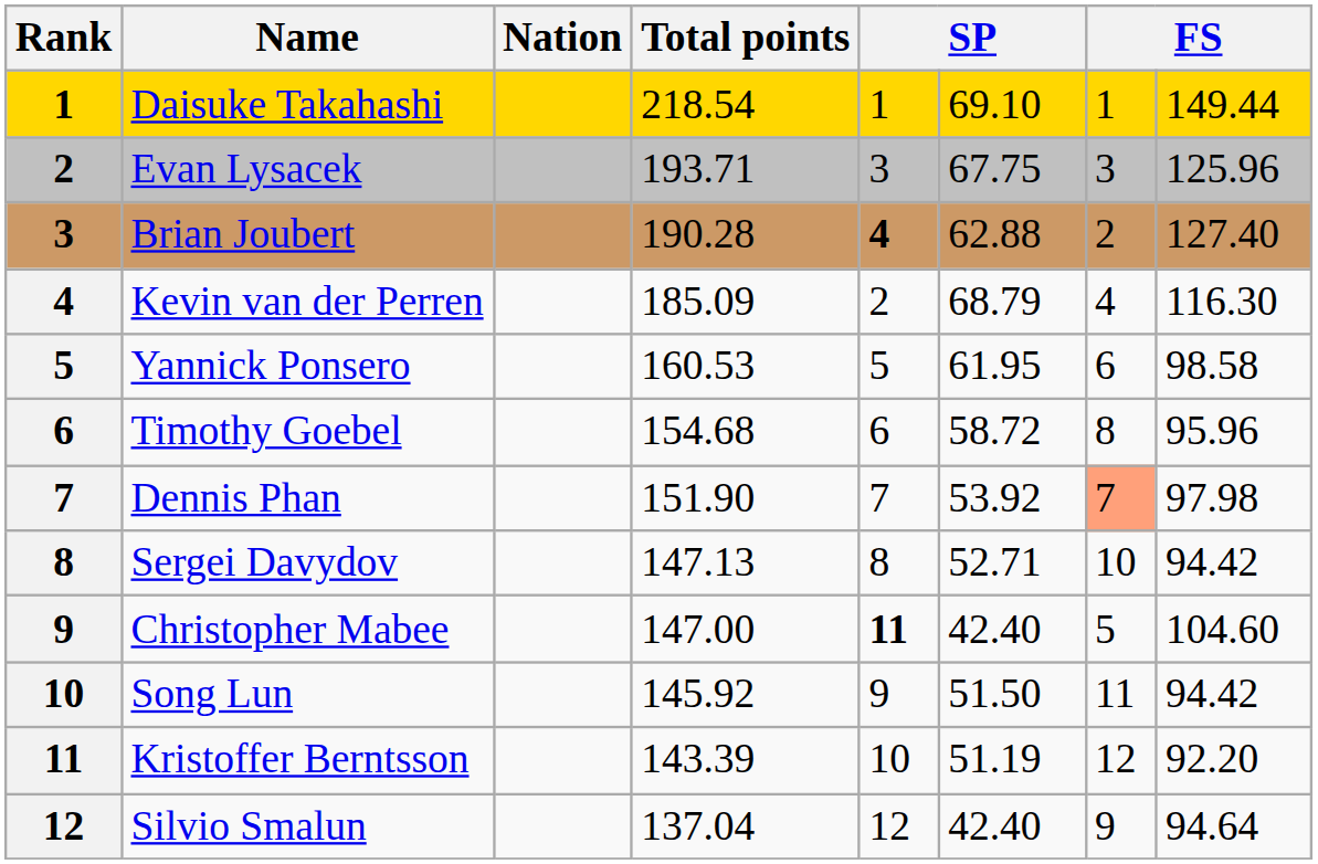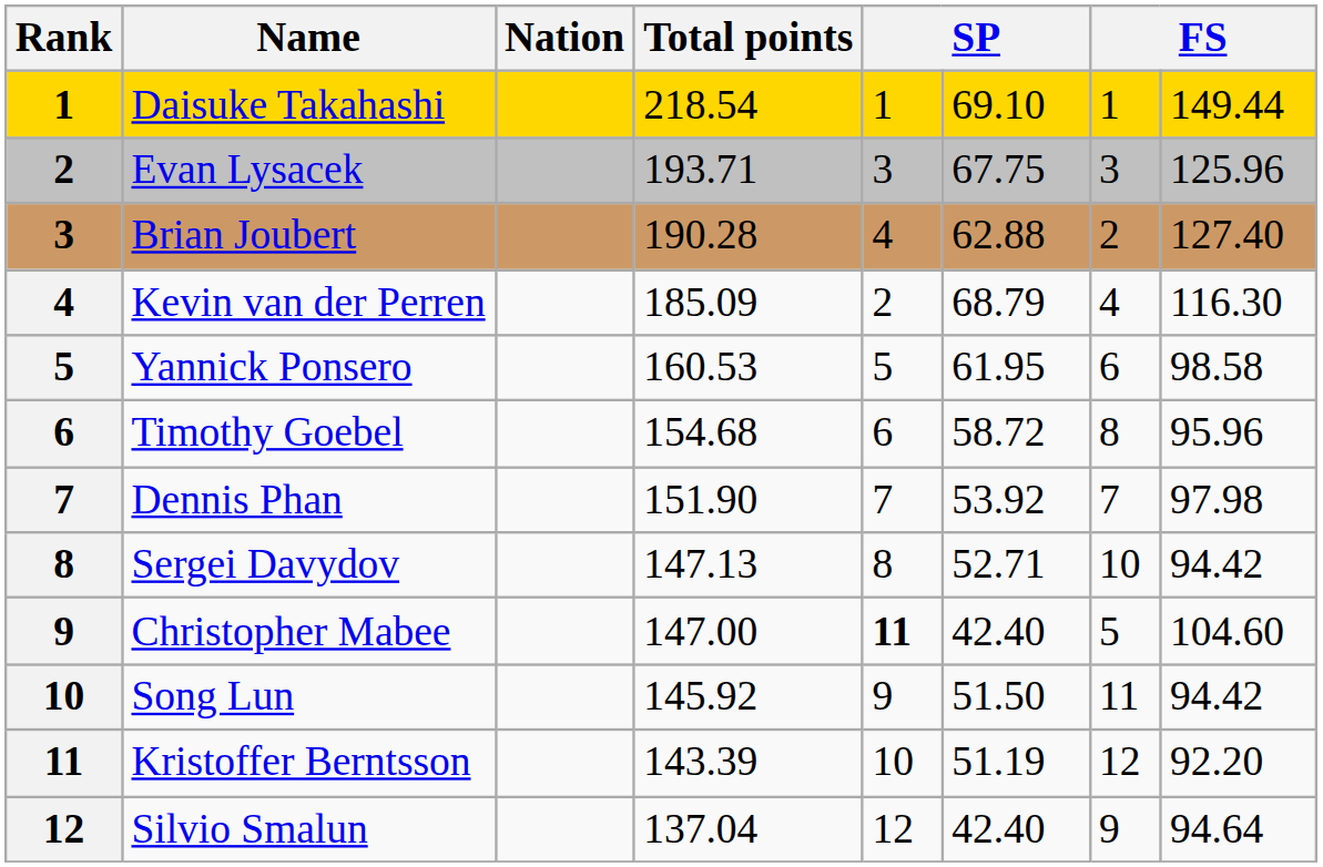 <table class="wikitable">
 <tr>
 <th>Rank</th>
 <th>Name</th>
 <th>Nation</th>
 <th>Total points</th>
 <th colspan="2" width="80px"><a href='#'>SP</a></th>
 <th colspan="2" width="80px"><a href='#'>FS</a></th>
 </tr>
 <tr bgcolor="gold">
 <td align="center"><strong>1</strong></td>
 <td><a href='#'>Daisuke Takahashi</a></td>
 <td></td>
 <td>218.54</td>
 <td>1</td>
 <td>69.10</td>
 <td>1</td>
 <td>149.44</td>
 </tr>
 <tr bgcolor="silver">
 <td align="center"><strong>2</strong></td>
 <td><a href='#'>Evan Lysacek</a></td>
 <td></td>
 <td>193.71</td>
 <td>3</td>
 <td>67.75</td>
 <td>3</td>
 <td>125.96</td>
 </tr>
 <tr bgcolor="cc9966">
 <td align="center"><strong>3</strong></td>
 <td><a href='#'>Brian Joubert</a></td>
 <td></td>
 <td>190.28</td>
-<td><strong>4</strong></td>
+<td>4</td>
 <td>62.88</td>
 <td>2</td>
 <td>127.40</td>
 </tr>
 <tr>
 <th>4</th>
 <td><a href='#'>Kevin van der Perren</a></td>
 <td></td>
 <td>185.09</td>
 <td>2</td>
 <td>68.79</td>
 <td>4</td>
 <td>116.30</td>
 </tr>
 <tr>
 <th>5</th>
 <td><a href='#'>Yannick Ponsero</a></td>
 <td></td>
 <td>160.53</td>
 <td>5</td>
 <td>61.95</td>
 <td>6</td>
 <td>98.58</td>
 </tr>
 <tr>
 <th>6</th>
 <td><a href='#'>Timothy Goebel</a></td>
 <td></td>
 <td>154.68</td>
 <td>6</td>
 <td>58.72</td>
 <td>8</td>
 <td>95.96</td>
 </tr>
 <tr>
 <th>7</th>
 <td><a href='#'>Dennis Phan</a></td>
 <td></td>
 <td>151.90</td>
 <td>7</td>
 <td>53.92</td>
-<td style="background: lightsalmon;">7</td>
+<td>7</td>
 <td>97.98</td>
 </tr>
 <tr>
 <th>8</th>
 <td><a href='#'>Sergei Davydov</a></td>
 <td></td>
 <td>147.13</td>
 <td>8</td>
 <td>52.71</td>
 <td>10</td>
 <td>94.42</td>
 </tr>
 <tr>
 <th>9</th>
 <td><a href='#'>Christopher Mabee</a></td>
 <td></td>
 <td>147.00</td>
 <td><strong>11</strong></td>
 <td>42.40</td>
 <td>5</td>
 <td>104.60</td>
 </tr>
 <tr>
 <th>10</th>
 <td><a href='#'>Song Lun</a></td>
 <td></td>
 <td>145.92</td>
 <td>9</td>
 <td>51.50</td>
 <td>11</td>
 <td>94.42</td>
 </tr>
 <tr>
 <th>11</th>
 <td><a href='#'>Kristoffer Berntsson</a></td>
 <td></td>
 <td>143.39</td>
 <td>10</td>
 <td>51.19</td>
 <td>12</td>
 <td>92.20</td>
 </tr>
 <tr>
 <th>12</th>
 <td><a href='#'>Silvio Smalun</a></td>
 <td></td>
 <td>137.04</td>
 <td>12</td>
 <td>42.40</td>
 <td>9</td>
 <td>94.64</td>
 </tr>
 </table>
